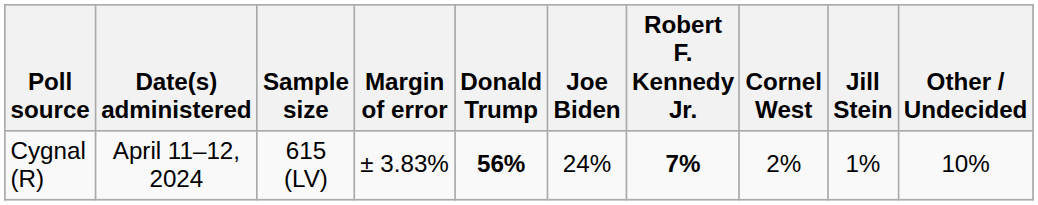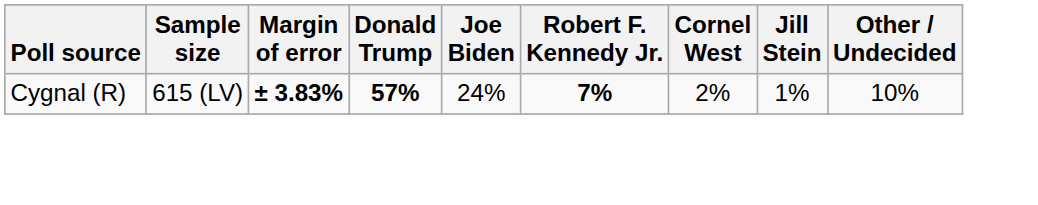 <table class="wikitable sortable mw-datatable" style="font-size:90%;text-align:center;line-height:17px">
 <tr valign=bottom>
 <th>Poll source</th>
-<th>Date(s)<br>administered</th>
 <th>Sample<br>size</th>
 <th>Margin<br>of error</th>
 <th class="unsortable">Donald<br>Trump<br></th>
 <th class="unsortable">Joe<br>Biden<br></th>
 <th class="unsortable">Robert F.<br>Kennedy Jr.<br></th>
 <th class="unsortable">Cornel<br>West<br></th>
 <th class="unsortable">Jill<br>Stein<br></th>
 <th class="unsortable">Other /<br>Undecided</th>
 </tr>
 <tr>
 <td style="text-align:left;">Cygnal (R)</td>
-<td data-sort-value="2024-04-12">April 11–12, 2024</td>
 <td>615 (LV)</td>
-<td>± 3.83%</td>
-<td style="background-color:"><strong>56%</strong></td>
+<td><strong>± 3.83%</strong></td>
+<td style="background-color:"><strong>57%</strong></td>
 <td>24%</td>
 <td><strong>7%</strong></td>
 <td>2%</td>
 <td>1%</td>
 <td>10%</td>
 </tr>
 </table>
